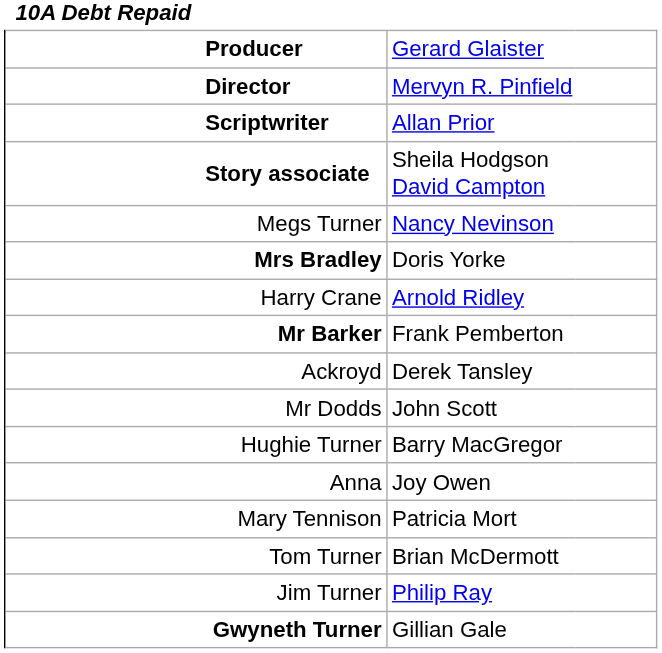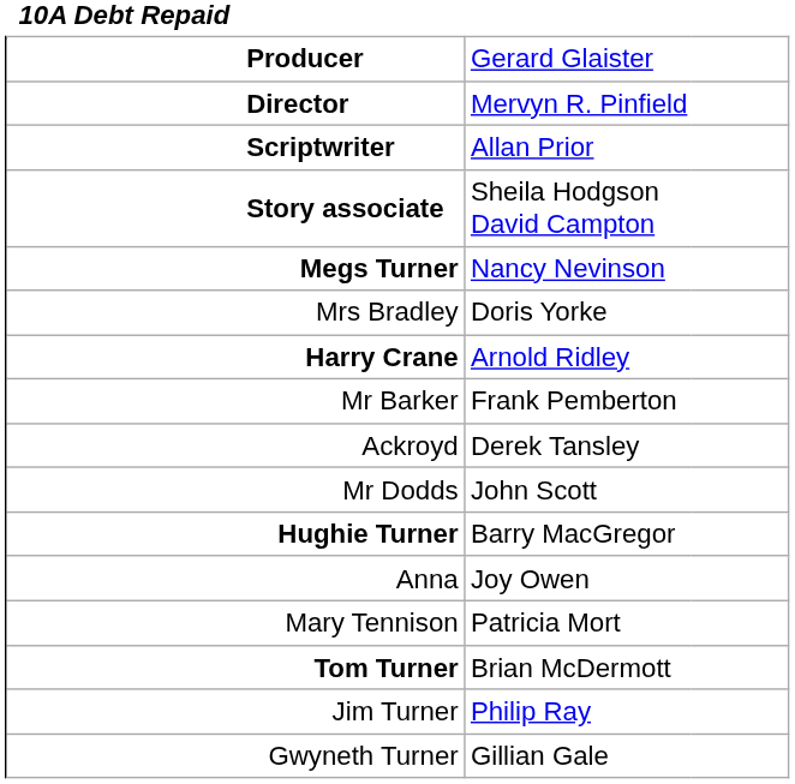 <table class="wikitable mw-collapsible mw-collapsed" style="vertical-align:top;margin:auto 2em;line-height:1.2;min-width:33em;display: inline-table;background-color:inherit;border:none;">
 <tr>
 <td class=unsortable style="border:hidden;line-height:1.67;text-align:center;margin-left:-1em;padding-left:0.5em;min-width:1.0em;"></td>
 <td class=unsortable style="border:none;padding-left:0.5em;text-align:left;min-width:16.5em;font-weight:700;font-style:italic;">10A Debt Repaid</td>
 <td class=unsortable style="border:none;text-align:right;font-weight:normal;font-family:Courier;font-size:95%;letter-spacing:-1pt;min-width:8.5em;padding-right:0.2em;"></td>
 <td class=unsortable style="border:hidden;min-width:3.5em;padding-left:0;"></td>
 <td class=unsortable style="border:hidden;min-width:3.5em;font-size:95%;"></td>
 </tr>
 <tr>
 <td rowspan=100 style="border:none thin;border-right-style :solid;"></td>
 </tr>
 <tr>
 <td style="text-align:left;padding-left:9.0em;font-weight:bold;">Producer</td>
 <td colspan=2><a href='#'>Gerard Glaister</a></td>
 </tr>
 <tr>
 <td style="text-align:left;padding-left:9.0em;font-weight:bold;">Director</td>
 <td colspan=2><a href='#'>Mervyn R. Pinfield</a></td>
 </tr>
 <tr>
 <td style="text-align:left;padding-left:9.0em;font-weight:bold;">Scriptwriter</td>
 <td colspan=2><a href='#'>Allan Prior</a></td>
 </tr>
 <tr>
 <td style="text-align:left;padding-left:9.0em;font-weight:bold;">Story associate</td>
 <td colspan=2>Sheila Hodgson<br><a href='#'>David Campton</a></td>
 </tr>
 <tr>
-<td style="text-align:right;">Megs Turner</td>
+<td style="text-align:right;"><strong>Megs Turner</strong></td>
 <td colspan=2><a href='#'>Nancy Nevinson</a></td>
 </tr>
 <tr>
-<td style="text-align:right;"><strong>Mrs Bradley</strong></td>
+<td style="text-align:right;">Mrs Bradley</td>
 <td colspan=2>Doris Yorke</td>
 </tr>
 <tr>
-<td style="text-align:right;">Harry Crane</td>
+<td style="text-align:right;"><strong>Harry Crane</strong></td>
 <td colspan=2><a href='#'>Arnold Ridley</a></td>
 </tr>
 <tr>
-<td style="text-align:right;"><strong>Mr Barker</strong></td>
+<td style="text-align:right;">Mr Barker</td>
 <td colspan=2>Frank Pemberton</td>
 </tr>
 <tr>
 <td style="text-align:right;">Ackroyd</td>
 <td colspan=2>Derek Tansley</td>
 </tr>
 <tr>
 <td style="text-align:right;">Mr Dodds</td>
 <td colspan=2>John Scott</td>
 </tr>
 <tr>
-<td style="text-align:right;">Hughie Turner</td>
+<td style="text-align:right;"><strong>Hughie Turner</strong></td>
 <td colspan=2>Barry MacGregor</td>
 </tr>
 <tr>
 <td style="text-align:right;">Anna</td>
 <td colspan=2>Joy Owen</td>
 </tr>
 <tr>
 <td style="text-align:right;">Mary Tennison</td>
 <td colspan=2>Patricia Mort</td>
 </tr>
 <tr>
-<td style="text-align:right;">Tom Turner</td>
+<td style="text-align:right;"><strong>Tom Turner</strong></td>
 <td colspan=2>Brian McDermott</td>
 </tr>
 <tr>
 <td style="text-align:right;">Jim Turner</td>
 <td colspan=2><a href='#'>Philip Ray</a></td>
 </tr>
 <tr>
-<td style="text-align:right;"><strong>Gwyneth Turner</strong></td>
+<td style="text-align:right;">Gwyneth Turner</td>
 <td colspan=2>Gillian Gale</td>
 </tr>
 </table>
